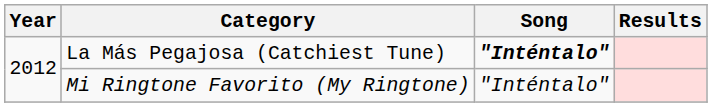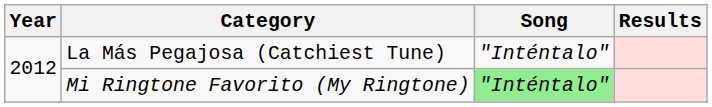 <table class="wikitable plainrowheaders">
 <tr>
 <th scope="col">Year</th>
 <th scope="col">Category</th>
 <th scope="col">Song</th>
 <th scope="col">Results</th>
 </tr>
 <tr>
 <td rowspan="11">2012</td>
 <td>La Más Pegajosa (Catchiest Tune)</td>
-<td rowspan="1"><strong><em>"Inténtalo"</em></strong></td>
+<td rowspan="1"><em>"Inténtalo"</em></td>
 <td style="background: #ffdddd"></td>
 </tr>
 <tr>
 <td><em>Mi Ringtone Favorito</em> <em>(My Ringtone)</em></td>
-<td rowspan="1"><em>"Inténtalo"</em></td>
+<td rowspan="1" style="background: lightgreen;"><em>"Inténtalo"</em></td>
 <td style="background: #ffdddd"></td>
 </tr>
 </table>
